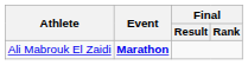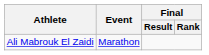 <table class=wikitable style="font-size:90%">
 <tr>
 <th rowspan="2">Athlete</th>
 <th rowspan="2">Event</th>
 <th colspan="2">Final</th>
 </tr>
 <tr style="font-size:95%">
 <th>Result</th>
 <th>Rank</th>
 </tr>
 <tr align=center>
 <td align=left><a href='#'>Ali Mabrouk El Zaidi</a></td>
-<td align=left><strong><a href='#'>Marathon</a></strong></td>
+<td align=left><a href='#'>Marathon</a></td>
 <td colspan=2></td>
 </tr>
 </table>
